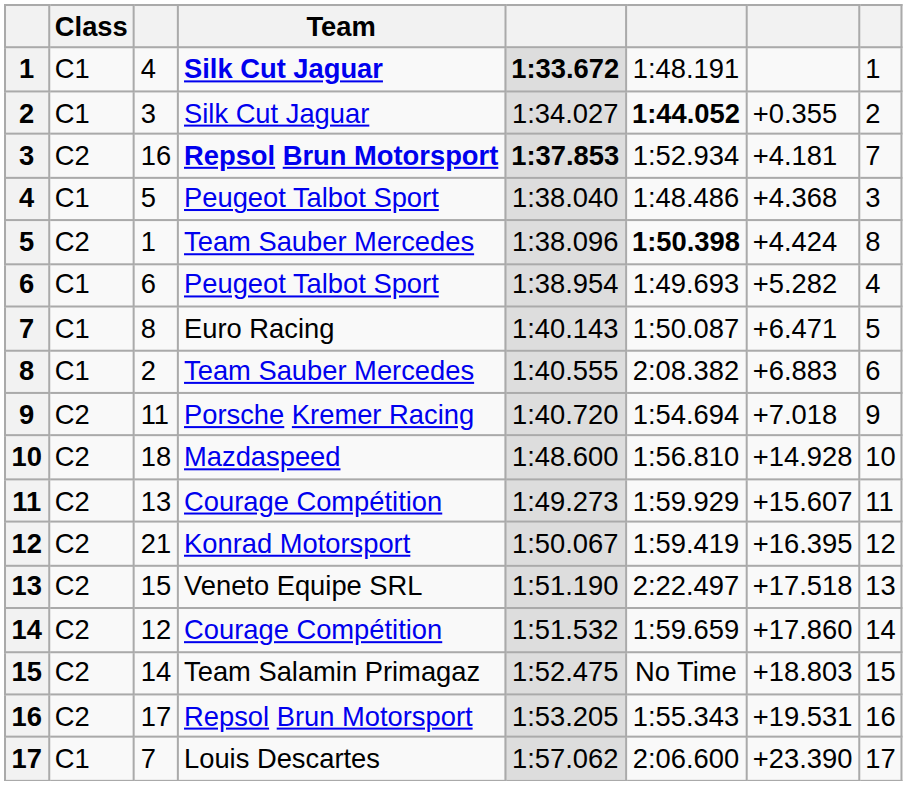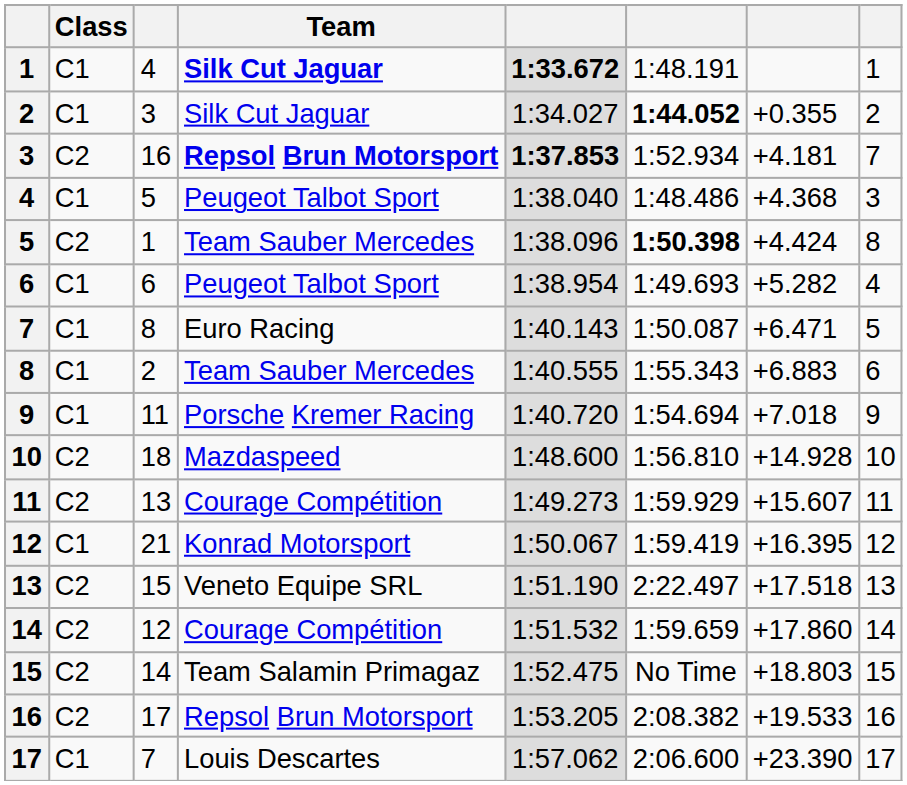 <table class="wikitable sortable" style="font-size: 85%;">
 <tr>
 <th scope=col></th>
 <th scope=col>Class</th>
 <th scope=col></th>
 <th scope=col>Team</th>
 <th scope=col></th>
 <th></th>
 <th scope=col></th>
 <th scope=col></th>
 </tr>
 <tr>
 <th>1</th>
 <td>C1</td>
 <td>4</td>
 <td><strong> <a href='#'>Silk Cut Jaguar</a></strong></td>
 <td align="center" style="background:#ddd;"><strong>1:33.672</strong></td>
 <td align="center">1:48.191</td>
 <td></td>
 <td>1</td>
 </tr>
 <tr>
 <th>2</th>
 <td>C1</td>
 <td>3</td>
 <td> <a href='#'>Silk Cut Jaguar</a></td>
 <td align="center" style="background:#ddd;">1:34.027</td>
 <td align="center"><strong>1:44.052</strong></td>
 <td>+0.355</td>
 <td>2</td>
 </tr>
 <tr>
 <th>3</th>
 <td>C2</td>
 <td>16</td>
 <td><strong> <a href='#'>Repsol</a> <a href='#'>Brun Motorsport</a></strong></td>
 <td align="center" style="background:#ddd;"><strong>1:37.853</strong></td>
 <td align="center">1:52.934</td>
 <td>+4.181</td>
 <td>7</td>
 </tr>
 <tr>
 <th>4</th>
 <td>C1</td>
 <td>5</td>
 <td> <a href='#'>Peugeot Talbot Sport</a></td>
 <td align="center" style="background:#ddd;">1:38.040</td>
 <td align="center">1:48.486</td>
 <td>+4.368</td>
 <td>3</td>
 </tr>
 <tr>
 <th>5</th>
 <td>C2</td>
 <td>1</td>
 <td> <a href='#'>Team Sauber Mercedes</a></td>
 <td align="center" style="background:#ddd;">1:38.096</td>
 <td align="center"><strong>1:50.398</strong></td>
 <td>+4.424</td>
 <td>8</td>
 </tr>
 <tr>
 <th>6</th>
 <td>C1</td>
 <td>6</td>
 <td> <a href='#'>Peugeot Talbot Sport</a></td>
 <td align="center" style="background:#ddd;">1:38.954</td>
 <td align="center">1:49.693</td>
 <td>+5.282</td>
 <td>4</td>
 </tr>
 <tr>
 <th>7</th>
 <td>C1</td>
 <td>8</td>
 <td> Euro Racing</td>
 <td align="center" style="background:#ddd;">1:40.143</td>
 <td align="center">1:50.087</td>
 <td>+6.471</td>
 <td>5</td>
 </tr>
 <tr>
 <th>8</th>
 <td>C1</td>
 <td>2</td>
 <td> <a href='#'>Team Sauber Mercedes</a></td>
 <td align="center" style="background:#ddd;">1:40.555</td>
-<td align="center">2:08.382</td>
+<td align="center">1:55.343</td>
 <td>+6.883</td>
 <td>6</td>
 </tr>
 <tr>
 <th>9</th>
-<td>C2</td>
+<td>C1</td>
 <td>11</td>
 <td> <a href='#'>Porsche</a> <a href='#'>Kremer Racing</a></td>
 <td align="center" style="background:#ddd;">1:40.720</td>
 <td align="center">1:54.694</td>
 <td>+7.018</td>
 <td>9</td>
 </tr>
 <tr>
 <th>10</th>
 <td>C2</td>
 <td>18</td>
 <td> <a href='#'>Mazdaspeed</a></td>
 <td align="center" style="background:#ddd;">1:48.600</td>
 <td align="center">1:56.810</td>
 <td>+14.928</td>
 <td>10</td>
 </tr>
 <tr>
 <th>11</th>
 <td>C2</td>
 <td>13</td>
 <td> <a href='#'>Courage Compétition</a></td>
 <td align="center" style="background:#ddd;">1:49.273</td>
 <td align="center">1:59.929</td>
 <td>+15.607</td>
 <td>11</td>
 </tr>
 <tr>
 <th>12</th>
-<td>C2</td>
+<td>C1</td>
 <td>21</td>
 <td> <a href='#'>Konrad Motorsport</a></td>
 <td align="center" style="background:#ddd;">1:50.067</td>
 <td align="center">1:59.419</td>
 <td>+16.395</td>
 <td>12</td>
 </tr>
 <tr>
 <th>13</th>
 <td>C2</td>
 <td>15</td>
 <td> Veneto Equipe SRL</td>
 <td align="center" style="background:#ddd;">1:51.190</td>
 <td align="center">2:22.497</td>
 <td>+17.518</td>
 <td>13</td>
 </tr>
 <tr>
 <th>14</th>
 <td>C2</td>
 <td>12</td>
 <td> <a href='#'>Courage Compétition</a></td>
 <td align="center" style="background:#ddd;">1:51.532</td>
 <td align="center">1:59.659</td>
 <td>+17.860</td>
 <td>14</td>
 </tr>
 <tr>
 <th>15</th>
 <td>C2</td>
 <td>14</td>
 <td> Team Salamin Primagaz</td>
 <td align="center" style="background:#ddd;">1:52.475</td>
 <td align="center">No Time</td>
 <td>+18.803</td>
 <td>15</td>
 </tr>
 <tr>
 <th>16</th>
 <td>C2</td>
 <td>17</td>
 <td> <a href='#'>Repsol</a> <a href='#'>Brun Motorsport</a></td>
 <td align="center" style="background:#ddd;">1:53.205</td>
-<td align="center">1:55.343</td>
-<td>+19.531</td>
+<td align="center">2:08.382</td>
+<td>+19.533</td>
 <td>16</td>
 </tr>
 <tr>
 <th>17</th>
 <td>C1</td>
 <td>7</td>
 <td> Louis Descartes</td>
 <td align="center" style="background:#ddd;">1:57.062</td>
 <td align="center">2:06.600</td>
 <td>+23.390</td>
 <td>17</td>
 </tr>
 </table>
